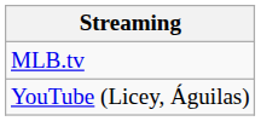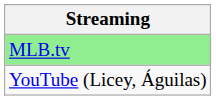 <table class="wikitable" style="text-align:left;">
 <tr>
 <th>Streaming</th>
 </tr>
 <tr>
-<td><a href='#'>MLB.tv</a></td>
+<td style="background: lightgreen;"><a href='#'>MLB.tv</a></td>
 </tr>
 <tr>
 <td><a href='#'>YouTube</a> (Licey, Águilas)</td>
 </tr>
 </table>
